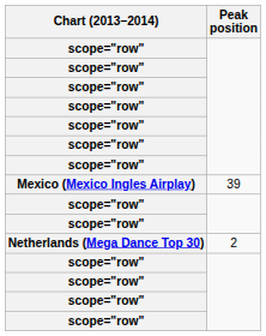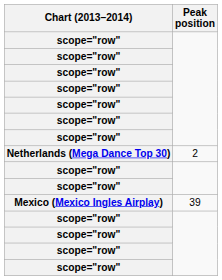 <table class="wikitable sortable plainrowheaders">
 <tr>
 <th scope="col">Chart (2013–2014)</th>
 <th scope="col">Peak<br>position</th>
 </tr>
 <tr>
 <th>scope="row" </th>
 </tr>
 <tr>
 <th>scope="row" </th>
 </tr>
 <tr>
 <th>scope="row" </th>
 </tr>
 <tr>
 <th>scope="row" </th>
 </tr>
 <tr>
 <th>scope="row" </th>
 </tr>
 <tr>
 <th>scope="row" </th>
 </tr>
 <tr>
 <th>scope="row" </th>
 </tr>
 <tr>
-<th scope="row">Mexico (<a href='#'>Mexico Ingles Airplay</a>)</th>
-<td align="center">39</td>
+<th scope="row">Netherlands (<a href='#'>Mega Dance Top 30</a>)</th>
+<td align="center">2</td>
 </tr>
 <tr>
 <th>scope="row" </th>
 </tr>
 <tr>
 <th>scope="row" </th>
 </tr>
 <tr>
-<th scope="row">Netherlands (<a href='#'>Mega Dance Top 30</a>)</th>
-<td align="center">2</td>
+<th scope="row">Mexico (<a href='#'>Mexico Ingles Airplay</a>)</th>
+<td align="center">39</td>
 </tr>
 <tr>
 <th>scope="row" </th>
 </tr>
 <tr>
 <th>scope="row" </th>
 </tr>
 <tr>
 <th>scope="row" </th>
 </tr>
 <tr>
 <th>scope="row" </th>
 </tr>
 </table>
